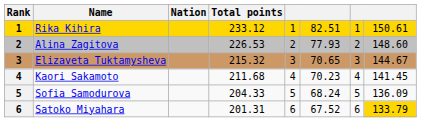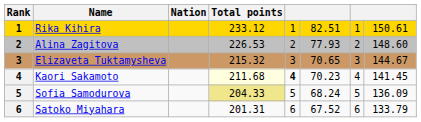 <table class="wikitable sortable">
 <tr>
 <th>Rank</th>
 <th>Name</th>
 <th>Nation</th>
 <th>Total points</th>
 <th colspan="2" width="80px"></th>
 <th colspan="2" width="80px"></th>
 </tr>
 <tr bgcolor="gold">
 <td align="center"><strong>1</strong></td>
 <td><a href='#'>Rika Kihira</a></td>
 <td></td>
 <td align="center">233.12</td>
 <td align="center">1</td>
 <td align="center">82.51</td>
 <td align="center">1</td>
 <td align="center">150.61</td>
 </tr>
 <tr bgcolor="silver">
 <td align="center"><strong>2</strong></td>
 <td><a href='#'>Alina Zagitova</a></td>
 <td></td>
 <td align="center">226.53</td>
 <td align="center">2</td>
 <td align="center">77.93</td>
 <td align="center">2</td>
 <td align="center">148.60</td>
 </tr>
 <tr bgcolor="cc9966">
 <td align="center"><strong>3</strong></td>
 <td><a href='#'>Elizaveta Tuktamysheva</a></td>
 <td></td>
 <td align="center">215.32</td>
 <td align="center">3</td>
 <td align="center">70.65</td>
 <td align="center">3</td>
 <td align="center">144.67</td>
 </tr>
 <tr>
 <th>4</th>
 <td><a href='#'>Kaori Sakamoto</a></td>
 <td></td>
-<td align="center">211.68</td>
-<td align="center">4</td>
+<td align="center" style="background: lightyellow;">211.68</td>
+<td align="center"><strong>4</strong></td>
 <td align="center">70.23</td>
 <td align="center">4</td>
 <td align="center">141.45</td>
 </tr>
 <tr>
 <th>5</th>
 <td><a href='#'>Sofia Samodurova</a></td>
 <td></td>
-<td align="center">204.33</td>
+<td align="center" style="background: khaki;">204.33</td>
 <td align="center">5</td>
 <td align="center">68.24</td>
 <td align="center">5</td>
 <td align="center">136.09</td>
 </tr>
 <tr>
 <th>6</th>
 <td><a href='#'>Satoko Miyahara</a></td>
 <td></td>
 <td align="center">201.31</td>
 <td align="center">6</td>
 <td align="center">67.52</td>
 <td align="center">6</td>
-<td align="center" style="background: gold;">133.79</td>
+<td align="center">133.79</td>
 </tr>
 </table>
